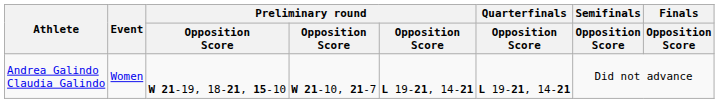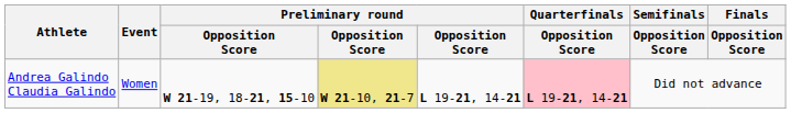 <table class="wikitable" border="1" style="font-size:90%">
 <tr>
 <th rowspan=2>Athlete</th>
 <th rowspan=2>Event</th>
 <th colspan=3>Preliminary round</th>
 <th>Quarterfinals</th>
 <th>Semifinals</th>
 <th>Finals</th>
 </tr>
 <tr>
 <th>Opposition<br>Score</th>
 <th>Opposition<br>Score</th>
 <th>Opposition<br>Score</th>
 <th>Opposition<br>Score</th>
 <th>Opposition<br>Score</th>
 <th>Opposition<br>Score</th>
 </tr>
 <tr>
 <td><a href='#'>Andrea Galindo</a><br><a href='#'>Claudia Galindo</a></td>
 <td><a href='#'>Women</a></td>
 <td align="center"><br><br><strong>W</strong> <strong>21</strong>-19, 18-<strong>21</strong>, <strong>15</strong>-10</td>
-<td align="center"><br><br><strong>W</strong> <strong>21</strong>-10, <strong>21</strong>-7</td>
+<td align="center" style="background: khaki;"><br><br><strong>W</strong> <strong>21</strong>-10, <strong>21</strong>-7</td>
 <td align="center"><br><br><strong>L</strong> 19-<strong>21</strong>, 14-<strong>21</strong></td>
-<td align="center"><br><br><strong>L</strong> 19-<strong>21</strong>, 14-<strong>21</strong></td>
+<td align="center" style="background: pink;"><br><br><strong>L</strong> 19-<strong>21</strong>, 14-<strong>21</strong></td>
 <td align="center" colspan="7">Did not advance</td>
 </tr>
 </table>
